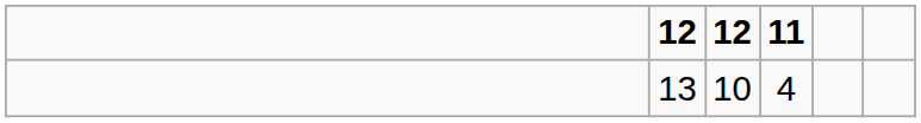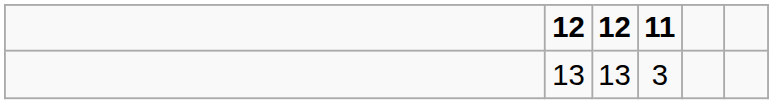 <table class="wikitable">
 <tr>
 <td style="width:18em"><strong></strong></td>
 <td align=center style="width:1em"><strong>12</strong></td>
 <td align=center style="width:1em"><strong>12</strong></td>
 <td align=center style="width:1em"><strong>11</strong></td>
 <td align=center style="width:1em"></td>
 <td align=center style="width:1em"></td>
 </tr>
 <tr>
 <td style="width:18em"></td>
 <td align=center style="width:1em">13</td>
-<td align=center style="width:1em">10</td>
-<td align=center style="width:1em">4</td>
+<td align=center style="width:1em">13</td>
+<td align=center style="width:1em">3</td>
 <td align=center style="width:1em"></td>
 <td align=center style="width:1em"></td>
 </tr>
 </table>
